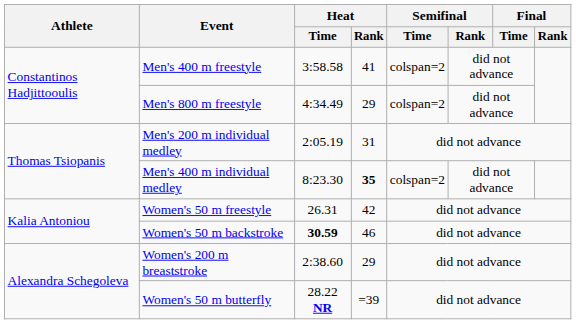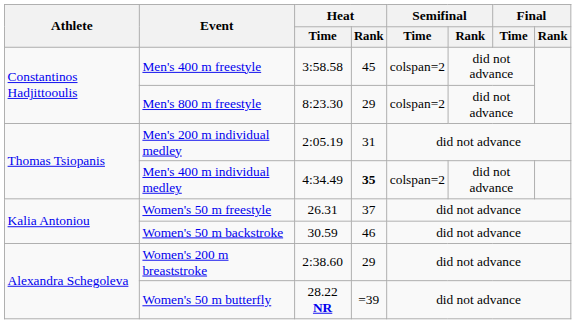 <table class=wikitable style="font-size:90%">
 <tr>
 <th rowspan="2">Athlete</th>
 <th rowspan="2">Event</th>
 <th colspan="2">Heat</th>
 <th colspan="2">Semifinal</th>
 <th colspan="2">Final</th>
 </tr>
 <tr style="font-size:95%">
 <th>Time</th>
 <th>Rank</th>
 <th>Time</th>
 <th>Rank</th>
 <th>Time</th>
 <th>Rank</th>
 </tr>
 <tr align=center>
 <td align=left rowspan=2><a href='#'>Constantinos Hadjittooulis</a></td>
 <td align=left><a href='#'>Men's 400 m freestyle</a></td>
 <td>3:58.58</td>
-<td>41</td>
+<td>45</td>
 <td>colspan=2 </td>
 <td colspan=2>did not advance</td>
 </tr>
 <tr align=center>
 <td align=left><a href='#'>Men's 800 m freestyle</a></td>
-<td>4:34.49</td>
+<td>8:23.30</td>
 <td>29</td>
 <td>colspan=2 </td>
 <td colspan=2>did not advance</td>
 </tr>
 <tr align=center>
 <td align=left rowspan=2><a href='#'>Thomas Tsiopanis</a></td>
 <td align=left><a href='#'>Men's 200 m individual medley</a></td>
 <td>2:05.19</td>
 <td>31</td>
 <td colspan=4>did not advance</td>
 </tr>
 <tr align=center>
 <td align=left><a href='#'>Men's 400 m individual medley</a></td>
-<td>8:23.30</td>
+<td>4:34.49</td>
 <td><strong>35</strong></td>
 <td>colspan=2 </td>
 <td colspan=2>did not advance</td>
 </tr>
 <tr align=center>
 <td align=left rowspan=2><a href='#'>Kalia Antoniou</a></td>
 <td align=left><a href='#'>Women's 50 m freestyle</a></td>
 <td>26.31</td>
-<td>42</td>
+<td>37</td>
 <td colspan=4>did not advance</td>
 </tr>
 <tr align=center>
 <td align=left><a href='#'>Women's 50 m backstroke</a></td>
-<td><strong>30.59</strong></td>
+<td>30.59</td>
 <td>46</td>
 <td colspan=4>did not advance</td>
 </tr>
 <tr align=center>
 <td align=left rowspan=2><a href='#'>Alexandra Schegoleva</a></td>
 <td align=left><a href='#'>Women's 200 m breaststroke</a></td>
 <td>2:38.60</td>
 <td>29</td>
 <td colspan=4>did not advance</td>
 </tr>
 <tr align=center>
 <td align=left><a href='#'>Women's 50 m butterfly</a></td>
 <td>28.22 <strong><a href='#'>NR</a></strong></td>
 <td>=39</td>
 <td colspan=4>did not advance</td>
 </tr>
 </table>
